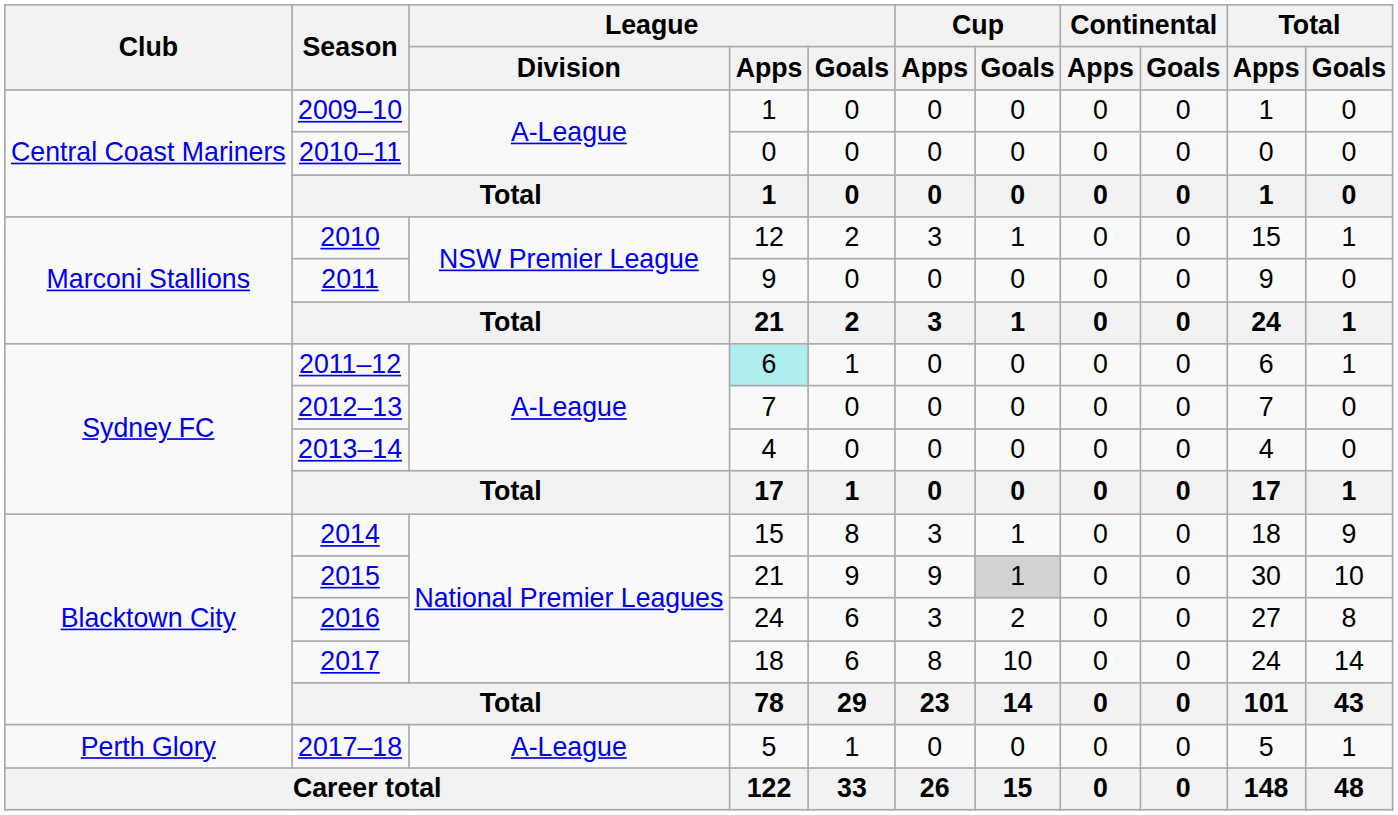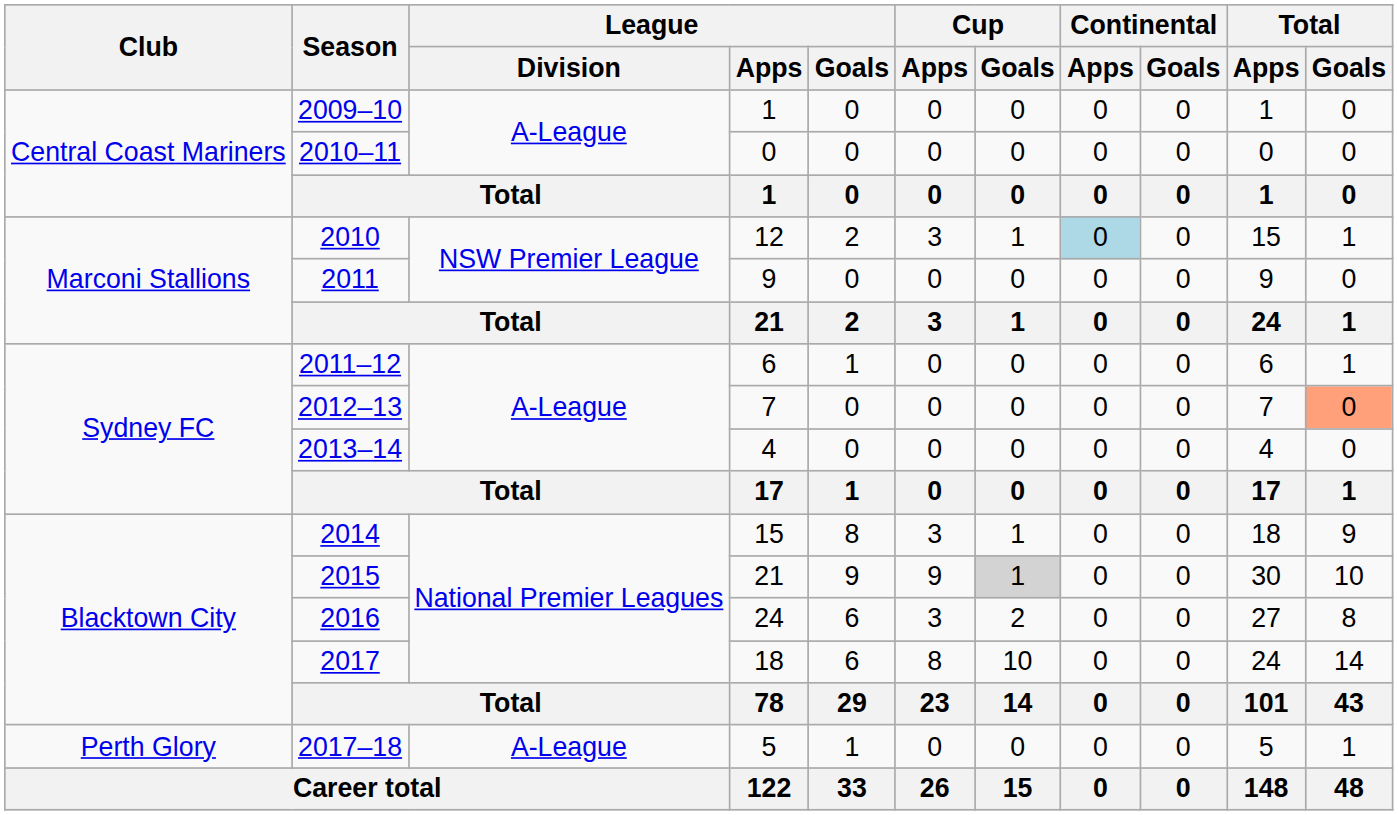 <table class="wikitable" style="text-align: center;">
 <tr>
 <th rowspan="2">Club</th>
 <th rowspan="2">Season</th>
 <th colspan="3">League</th>
 <th colspan="2">Cup</th>
 <th colspan="2">Continental</th>
 <th colspan="2">Total</th>
 </tr>
 <tr>
 <th>Division</th>
 <th>Apps</th>
 <th>Goals</th>
 <th>Apps</th>
 <th>Goals</th>
 <th>Apps</th>
 <th>Goals</th>
 <th>Apps</th>
 <th>Goals</th>
 </tr>
 <tr>
 <td rowspan="3" valign="center"><a href='#'>Central Coast Mariners</a></td>
 <td><a href='#'>2009–10</a></td>
 <td rowspan=2><a href='#'>A-League</a></td>
 <td>1</td>
 <td>0</td>
 <td>0</td>
 <td>0</td>
 <td>0</td>
 <td>0</td>
 <td>1</td>
 <td>0</td>
 </tr>
 <tr>
 <td><a href='#'>2010–11</a></td>
 <td>0</td>
 <td>0</td>
 <td>0</td>
 <td>0</td>
 <td>0</td>
 <td>0</td>
 <td>0</td>
 <td>0</td>
 </tr>
 <tr>
 <th colspan=2>Total</th>
 <th>1</th>
 <th>0</th>
 <th>0</th>
 <th>0</th>
 <th>0</th>
 <th>0</th>
 <th>1</th>
 <th>0</th>
 </tr>
 <tr>
 <td rowspan=3><a href='#'>Marconi Stallions</a></td>
 <td><a href='#'>2010</a></td>
 <td rowspan=2><a href='#'>NSW Premier League</a></td>
 <td>12</td>
 <td>2</td>
 <td>3</td>
 <td>1</td>
-<td>0</td>
+<td style="background: lightblue;">0</td>
 <td>0</td>
 <td>15</td>
 <td>1</td>
 </tr>
 <tr>
 <td><a href='#'>2011</a></td>
 <td>9</td>
 <td>0</td>
 <td>0</td>
 <td>0</td>
 <td>0</td>
 <td>0</td>
 <td>9</td>
 <td>0</td>
 </tr>
 <tr>
 <th colspan=2>Total</th>
 <th>21</th>
 <th>2</th>
 <th>3</th>
 <th>1</th>
 <th>0</th>
 <th>0</th>
 <th>24</th>
 <th>1</th>
 </tr>
 <tr>
 <td rowspan="4" valign="center"><a href='#'>Sydney FC</a></td>
 <td><a href='#'>2011–12</a></td>
 <td rowspan=3><a href='#'>A-League</a></td>
-<td style="background: paleturquoise;">6</td>
+<td>6</td>
 <td>1</td>
 <td>0</td>
 <td>0</td>
 <td>0</td>
 <td>0</td>
 <td>6</td>
 <td>1</td>
 </tr>
 <tr>
 <td><a href='#'>2012–13</a></td>
 <td>7</td>
 <td>0</td>
 <td>0</td>
 <td>0</td>
 <td>0</td>
 <td>0</td>
 <td>7</td>
-<td>0</td>
+<td style="background: lightsalmon;">0</td>
 </tr>
 <tr>
 <td><a href='#'>2013–14</a></td>
 <td>4</td>
 <td>0</td>
 <td>0</td>
 <td>0</td>
 <td>0</td>
 <td>0</td>
 <td>4</td>
 <td>0</td>
 </tr>
 <tr>
 <th colspan=2>Total</th>
 <th>17</th>
 <th>1</th>
 <th>0</th>
 <th>0</th>
 <th>0</th>
 <th>0</th>
 <th>17</th>
 <th>1</th>
 </tr>
 <tr>
 <td rowspan=5><a href='#'>Blacktown City</a></td>
 <td><a href='#'>2014</a></td>
 <td rowspan=4><a href='#'>National Premier Leagues</a></td>
 <td>15</td>
 <td>8</td>
 <td>3</td>
 <td>1</td>
 <td>0</td>
 <td>0</td>
 <td>18</td>
 <td>9</td>
 </tr>
 <tr>
 <td><a href='#'>2015</a></td>
 <td>21</td>
 <td>9</td>
 <td>9</td>
 <td style="background: lightgrey;">1</td>
 <td>0</td>
 <td>0</td>
 <td>30</td>
 <td>10</td>
 </tr>
 <tr>
 <td><a href='#'>2016</a></td>
 <td>24</td>
 <td>6</td>
 <td>3</td>
 <td>2</td>
 <td>0</td>
 <td>0</td>
 <td>27</td>
 <td>8</td>
 </tr>
 <tr>
 <td><a href='#'>2017</a></td>
 <td>18</td>
 <td>6</td>
 <td>8</td>
 <td>10</td>
 <td>0</td>
 <td>0</td>
 <td>24</td>
 <td>14</td>
 </tr>
 <tr>
 <th colspan=2>Total</th>
 <th>78</th>
 <th>29</th>
 <th>23</th>
 <th>14</th>
 <th>0</th>
 <th>0</th>
 <th>101</th>
 <th>43</th>
 </tr>
 <tr>
 <td><a href='#'>Perth Glory</a></td>
 <td><a href='#'>2017–18</a></td>
 <td><a href='#'>A-League</a></td>
 <td>5</td>
 <td>1</td>
 <td>0</td>
 <td>0</td>
 <td>0</td>
 <td>0</td>
 <td>5</td>
 <td>1</td>
 </tr>
 <tr>
 <th colspan=3>Career total</th>
 <th>122</th>
 <th>33</th>
 <th>26</th>
 <th>15</th>
 <th>0</th>
 <th>0</th>
 <th>148</th>
 <th>48</th>
 </tr>
 </table>
